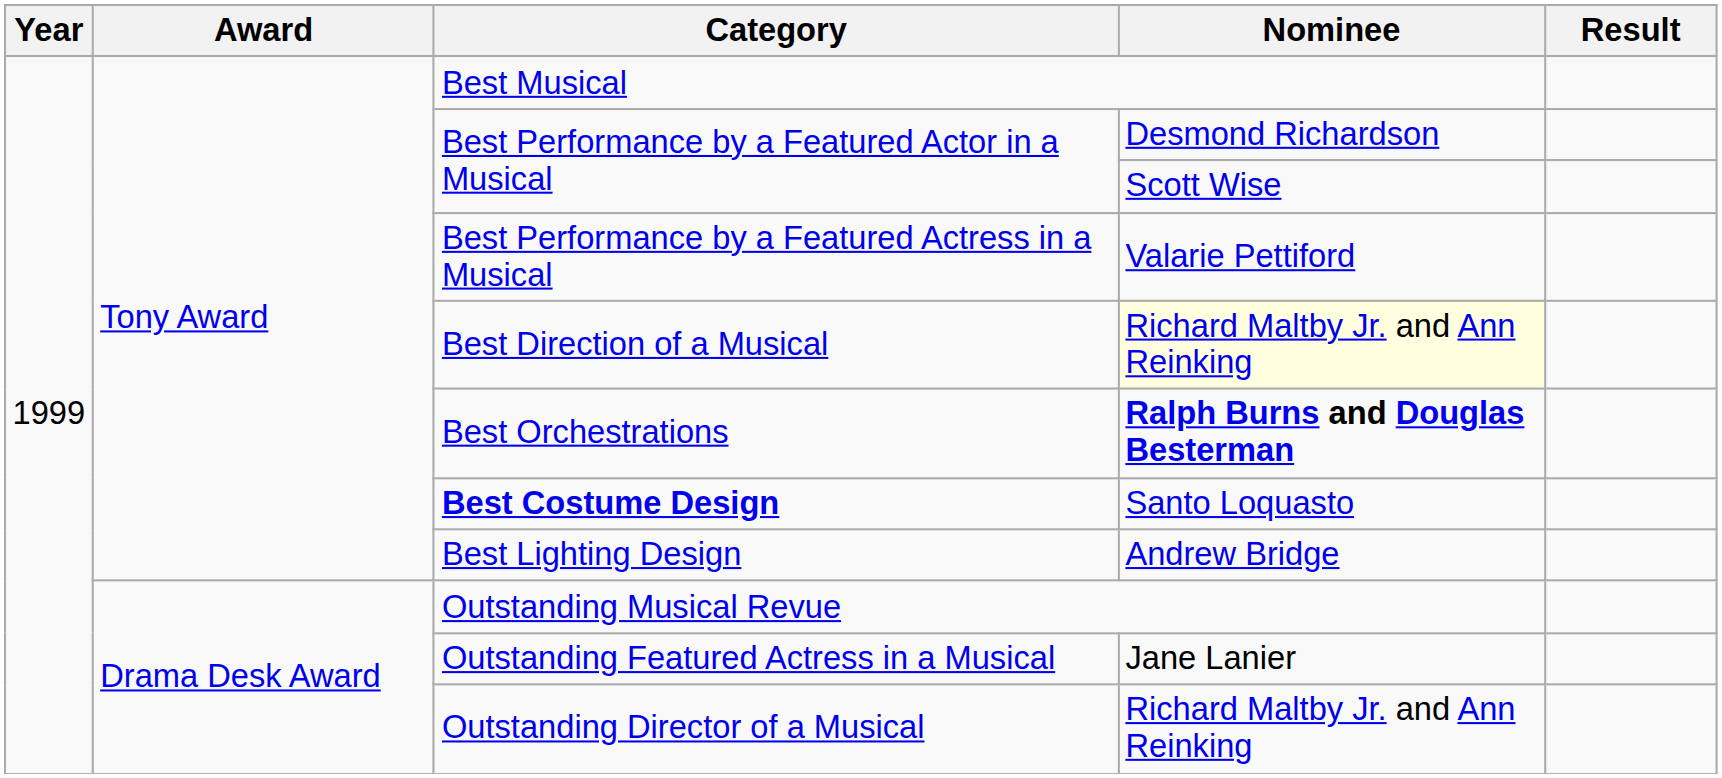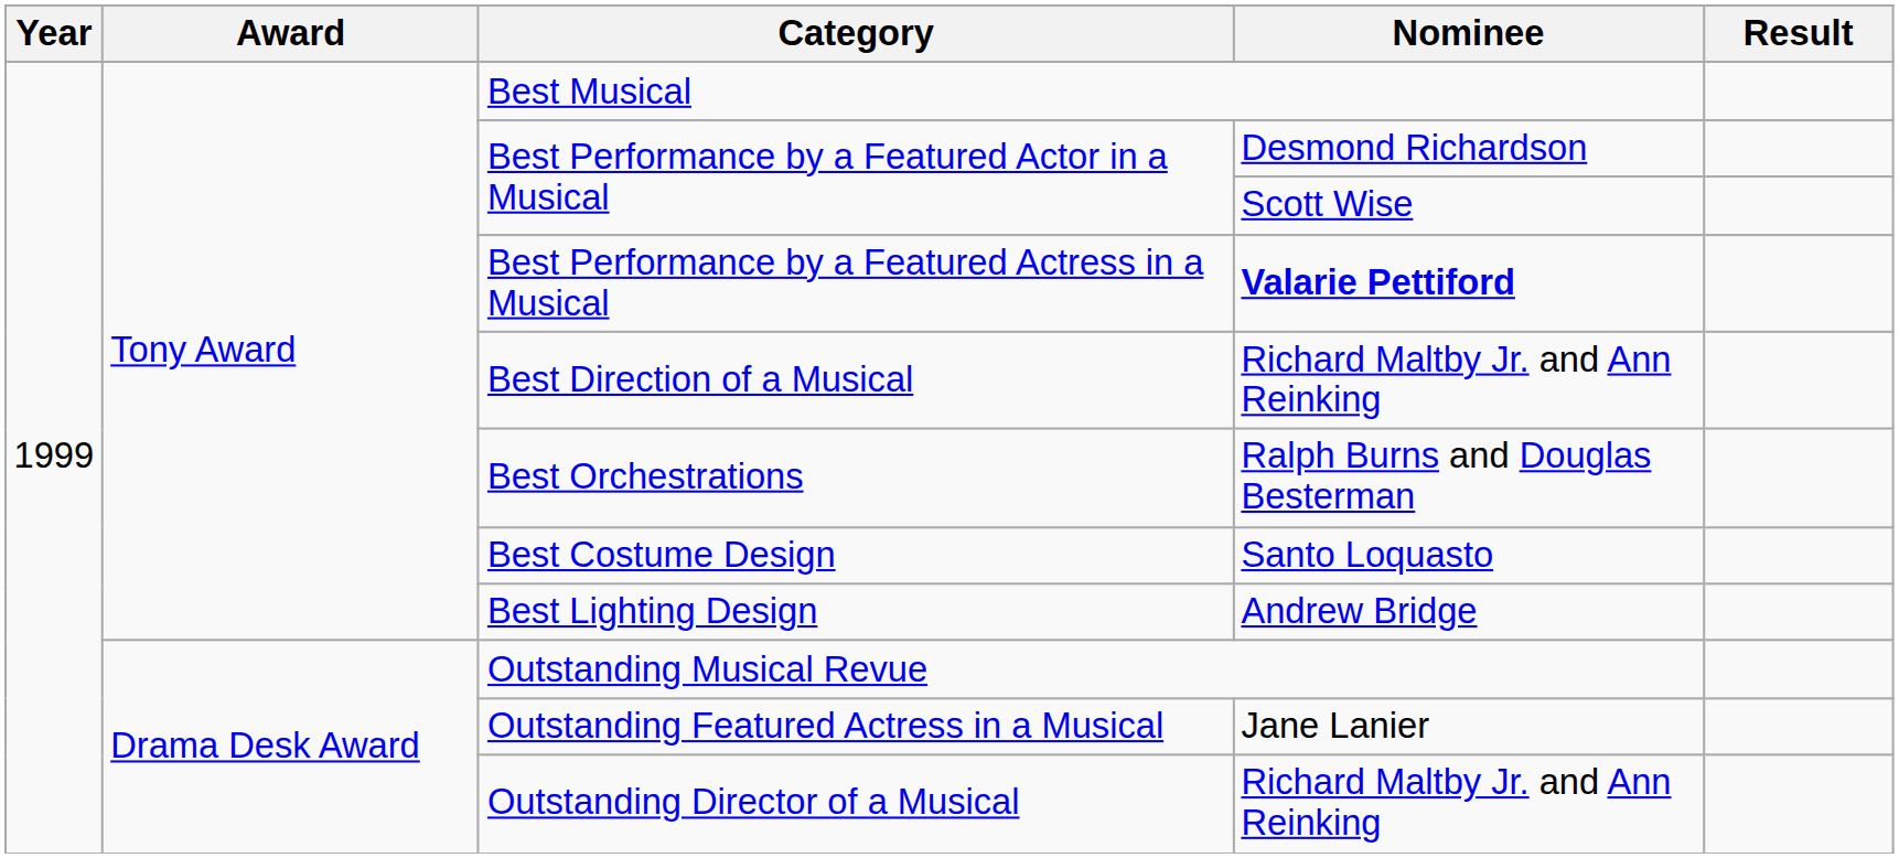 <table class="wikitable" width="95%">
 <tr>
 <th width="5%">Year</th>
 <th width="20%">Award</th>
 <th width="40%">Category</th>
 <th width="25%">Nominee</th>
 <th width="10%">Result</th>
 </tr>
 <tr>
 <td rowspan="11" align="center">1999</td>
 <td rowspan="8"><a href='#'>Tony Award</a></td>
 <td colspan="2"><a href='#'>Best Musical</a></td>
 <td></td>
 </tr>
 <tr>
 <td rowspan="2"><a href='#'>Best Performance by a Featured Actor in a Musical</a></td>
 <td><a href='#'>Desmond Richardson</a></td>
 <td></td>
 </tr>
 <tr>
 <td><a href='#'>Scott Wise</a></td>
 <td></td>
 </tr>
 <tr>
 <td><a href='#'>Best Performance by a Featured Actress in a Musical</a></td>
-<td><a href='#'>Valarie Pettiford</a></td>
+<td><strong><a href='#'>Valarie Pettiford</a></strong></td>
 <td></td>
 </tr>
 <tr>
 <td><a href='#'>Best Direction of a Musical</a></td>
-<td style="background: lightyellow;"><a href='#'>Richard Maltby Jr.</a> and <a href='#'>Ann Reinking</a></td>
+<td><a href='#'>Richard Maltby Jr.</a> and <a href='#'>Ann Reinking</a></td>
 <td></td>
 </tr>
 <tr>
 <td><a href='#'>Best Orchestrations</a></td>
-<td><strong><a href='#'>Ralph Burns</a> and <a href='#'>Douglas Besterman</a></strong></td>
+<td><a href='#'>Ralph Burns</a> and <a href='#'>Douglas Besterman</a></td>
 <td></td>
 </tr>
 <tr>
-<td><strong><a href='#'>Best Costume Design</a></strong></td>
+<td><a href='#'>Best Costume Design</a></td>
 <td><a href='#'>Santo Loquasto</a></td>
 <td></td>
 </tr>
 <tr>
 <td><a href='#'>Best Lighting Design</a></td>
 <td><a href='#'>Andrew Bridge</a></td>
 <td></td>
 </tr>
 <tr>
 <td rowspan="3"><a href='#'>Drama Desk Award</a></td>
 <td colspan="2"><a href='#'>Outstanding Musical Revue</a></td>
 <td></td>
 </tr>
 <tr>
 <td><a href='#'>Outstanding Featured Actress in a Musical</a></td>
 <td>Jane Lanier</td>
 <td></td>
 </tr>
 <tr>
 <td><a href='#'>Outstanding Director of a Musical</a></td>
 <td><a href='#'>Richard Maltby Jr.</a> and <a href='#'>Ann Reinking</a></td>
 <td></td>
 </tr>
 </table>
